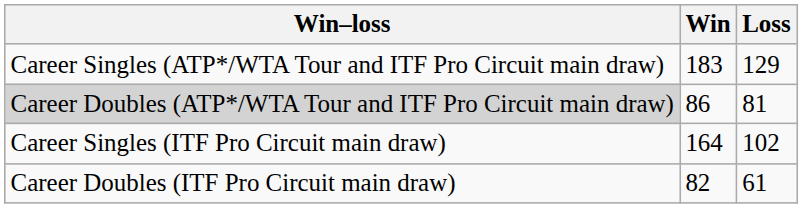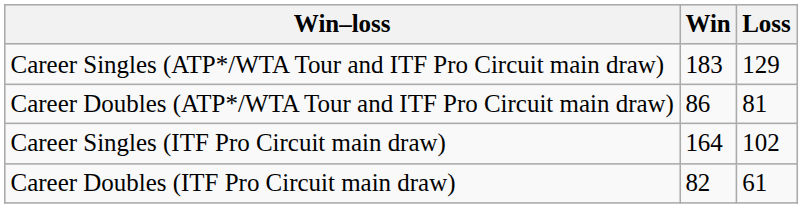 <table class="wikitable">
 <tr>
 <th><strong>Win–loss</strong></th>
 <th><strong>Win</strong></th>
 <th><strong>Loss</strong></th>
 </tr>
 <tr>
 <td>Career Singles (ATP*/WTA Tour and ITF Pro Circuit main draw)</td>
 <td>183</td>
 <td>129</td>
 </tr>
 <tr>
-<td style="background: lightgrey;">Career Doubles (ATP*/WTA Tour and ITF Pro Circuit main draw)</td>
+<td>Career Doubles (ATP*/WTA Tour and ITF Pro Circuit main draw)</td>
 <td>86</td>
 <td>81</td>
 </tr>
 <tr>
 <td>Career Singles (ITF Pro Circuit main draw)</td>
 <td>164</td>
 <td>102</td>
 </tr>
 <tr>
 <td>Career Doubles (ITF Pro Circuit main draw)</td>
 <td>82</td>
 <td>61</td>
 </tr>
 </table>
